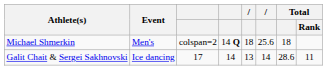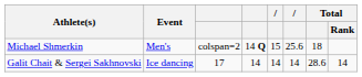 <table class="wikitable" style="font-size:90%">
 <tr>
 <th rowspan="2">Athlete(s)</th>
 <th rowspan="2">Event</th>
 <th></th>
 <th></th>
 <th>/</th>
 <th>/</th>
 <th colspan="2">Total</th>
 </tr>
 <tr>
 <th></th>
 <th></th>
 <th></th>
 <th></th>
 <th></th>
 <th>Rank</th>
 </tr>
 <tr align="center">
 <td align="left"><a href='#'>Michael Shmerkin</a></td>
 <td align="left"><a href='#'>Men's</a></td>
 <td>colspan=2 </td>
 <td>14 <strong>Q</strong></td>
-<td>18</td>
+<td>15</td>
 <td>25.6</td>
 <td>18</td>
 </tr>
 <tr align="center">
 <td align="left"><a href='#'>Galit Chait</a> & <a href='#'>Sergei Sakhnovski</a></td>
 <td align="left"><a href='#'>Ice dancing</a></td>
 <td>17</td>
 <td>14</td>
-<td>13</td>
+<td>14</td>
 <td>14</td>
 <td>28.6</td>
-<td>11</td>
+<td>14</td>
 </tr>
 </table>
